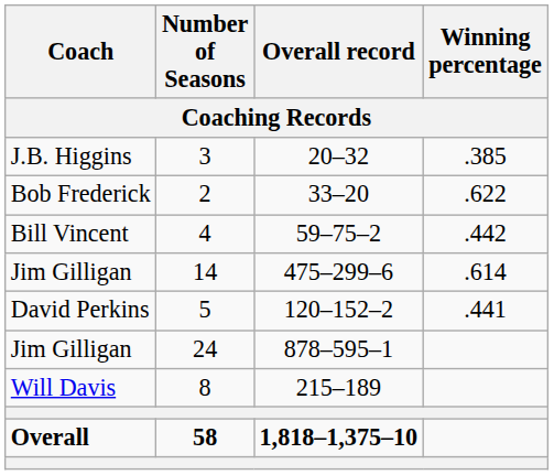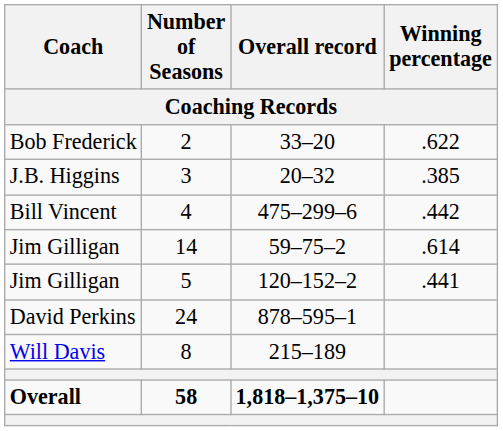 <table class="wikitable">
 <tr>
 <th>Coach</th>
 <th>Number<br>of<br> Seasons</th>
 <th>Overall record</th>
 <th>Winning<br> percentage</th>
 </tr>
 <tr>
 <th colspan=4>Coaching Records</th>
 </tr>
 <tr>
+<td>Bob Frederick</td>
+<td style="text-align:center;">2</td>
+<td style="text-align:center;">33–20</td>
+<td style="text-align:center;">.622</td>
+</tr>
+<tr>
 <td>J.B. Higgins</td>
 <td style="text-align:center;">3</td>
 <td style="text-align:center;">20–32</td>
 <td style="text-align:center;">.385</td>
 </tr>
 <tr>
-<td>Bob Frederick</td>
-<td style="text-align:center;">2</td>
-<td style="text-align:center;">33–20</td>
-<td style="text-align:center;">.622</td>
-</tr>
-<tr>
 <td>Bill Vincent</td>
 <td style="text-align:center;">4</td>
-<td style="text-align:center;">59–75–2</td>
+<td style="text-align:center;">475–299–6</td>
 <td style="text-align:center;">.442</td>
 </tr>
 <tr>
 <td>Jim Gilligan</td>
 <td style="text-align:center;">14</td>
-<td style="text-align:center;">475–299–6</td>
+<td style="text-align:center;">59–75–2</td>
 <td style="text-align:center;">.614</td>
 </tr>
 <tr>
-<td>David Perkins</td>
+<td>Jim Gilligan</td>
 <td style="text-align:center;">5</td>
 <td style="text-align:center;">120–152–2</td>
 <td style="text-align:center;">.441</td>
 </tr>
 <tr>
-<td>Jim Gilligan</td>
+<td>David Perkins</td>
 <td style="text-align:center;">24</td>
 <td style="text-align:center;">878–595–1</td>
 <td style="text-align:center;"></td>
 </tr>
 <tr>
 <td><a href='#'>Will Davis</a></td>
 <td style="text-align:center;">8</td>
 <td style="text-align:center;">215–189</td>
 <td style="text-align:center;"></td>
 </tr>
 <tr>
 <th colspan=4></th>
 </tr>
 <tr>
 <td><strong>Overall</strong></td>
 <td style="text-align:center;"><strong>58</strong></td>
 <td style="text-align:center;"><strong>1,818–1,375–10</strong></td>
 <td style="text-align:center;"><strong></strong></td>
 </tr>
 <tr>
 <th colspan=4></th>
 </tr>
 </table>
